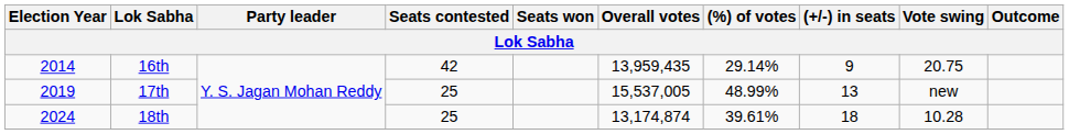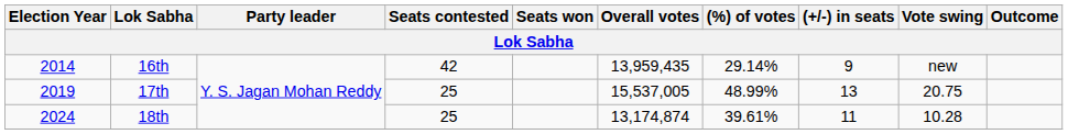 <table class="wikitable" style="text-align:center">
 <tr>
 <th Style="background-color:">Election Year</th>
 <th Style="background-color:">Lok Sabha</th>
 <th style="background-color:">Party leader</th>
 <th style="background-color:">Seats contested</th>
 <th style="background-color:">Seats won</th>
 <th style="background-color:">Overall votes</th>
 <th Style="background-color:">(%) of votes</th>
 <th Style="background-color:">(+/-) in seats</th>
 <th Style="background-color:">Vote swing</th>
 <th Style="background-color:">Outcome</th>
 </tr>
 <tr>
 <th colspan="10"><a href='#'>Lok Sabha</a></th>
 </tr>
 <tr>
 <td><a href='#'>2014</a></td>
 <td><a href='#'>16th</a></td>
 <td rowspan="3"><a href='#'>Y. S. Jagan Mohan Reddy</a></td>
 <td>42</td>
 <td></td>
 <td>13,959,435</td>
 <td>29.14%</td>
 <td>9</td>
-<td>20.75</td>
+<td> new</td>
 <td></td>
 </tr>
 <tr>
 <td><a href='#'>2019</a></td>
 <td><a href='#'>17th</a></td>
 <td>25</td>
 <td></td>
 <td>15,537,005</td>
 <td>48.99%</td>
 <td>13</td>
-<td> new</td>
+<td>20.75</td>
 <td></td>
 </tr>
 <tr>
 <td><a href='#'>2024</a></td>
 <td><a href='#'>18th</a></td>
 <td>25</td>
 <td></td>
 <td>13,174,874</td>
 <td>39.61%</td>
-<td>18</td>
+<td>11</td>
 <td>10.28</td>
 <td></td>
 </tr>
 <tr>
 </tr>
 </table>
